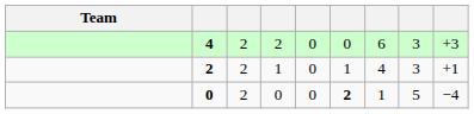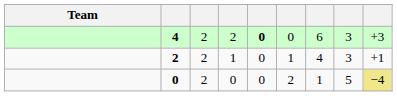 <table class="wikitable" style="text-align: center; font-size: 90%;">
 <tr>
 <th width="165">Team</th>
 <th width="25"></th>
 <th width="25"></th>
 <th width="25"></th>
 <th width="25"></th>
 <th width="25"></th>
 <th width="25"></th>
 <th width="25"></th>
 <th width="25"></th>
 </tr>
 <tr bgcolor=#ccffcc align=center>
 <td align=left></td>
 <td><strong>4</strong></td>
 <td>2</td>
 <td>2</td>
-<td>0</td>
+<td><strong>0</strong></td>
 <td>0</td>
 <td>6</td>
 <td>3</td>
 <td>+3</td>
 </tr>
 <tr align=center>
 <td align=left></td>
 <td><strong>2</strong></td>
 <td>2</td>
 <td>1</td>
 <td>0</td>
 <td>1</td>
 <td>4</td>
 <td>3</td>
 <td>+1</td>
 </tr>
 <tr align=center>
 <td align=left></td>
 <td><strong>0</strong></td>
 <td>2</td>
 <td>0</td>
 <td>0</td>
-<td><strong>2</strong></td>
+<td>2</td>
 <td>1</td>
 <td>5</td>
-<td>−4</td>
+<td style="background: khaki;">−4</td>
 </tr>
 </table>
